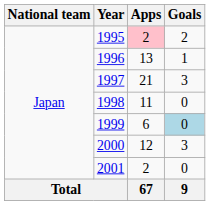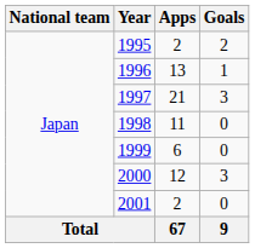 <table class="wikitable" style="text-align:center">
 <tr>
 <th>National team</th>
 <th>Year</th>
 <th>Apps</th>
 <th>Goals</th>
 </tr>
 <tr>
 <td rowspan="7"><a href='#'>Japan</a></td>
 <td><a href='#'>1995</a></td>
-<td style="background: pink;">2</td>
+<td>2</td>
 <td>2</td>
 </tr>
 <tr>
 <td><a href='#'>1996</a></td>
 <td>13</td>
 <td>1</td>
 </tr>
 <tr>
 <td><a href='#'>1997</a></td>
 <td>21</td>
 <td>3</td>
 </tr>
 <tr>
 <td><a href='#'>1998</a></td>
 <td>11</td>
 <td>0</td>
 </tr>
 <tr>
 <td><a href='#'>1999</a></td>
 <td>6</td>
-<td style="background: lightblue;">0</td>
+<td>0</td>
 </tr>
 <tr>
 <td><a href='#'>2000</a></td>
 <td>12</td>
 <td>3</td>
 </tr>
 <tr>
 <td><a href='#'>2001</a></td>
 <td>2</td>
 <td>0</td>
 </tr>
 <tr>
 <th colspan="2">Total</th>
 <th>67</th>
 <th>9</th>
 </tr>
 </table>
